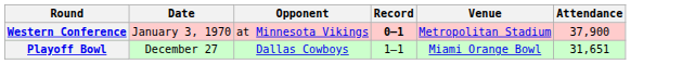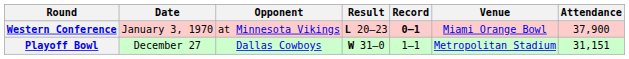 <table class="wikitable" style="text-align:center">
 <tr>
 <th>Round</th>
 <th>Date</th>
 <th>Opponent</th>
+<th>Result</th>
 <th>Record</th>
 <th>Venue</th>
 <th>Attendance</th>
 </tr>
 <tr style="background:#fcc">
 <th><a href='#'>Western Conference</a></th>
 <td>January 3, 1970</td>
 <td>at <a href='#'>Minnesota Vikings</a></td>
+<td><strong>L</strong> 20–23</td>
 <td><strong>0–1</strong></td>
-<td><a href='#'>Metropolitan Stadium</a></td>
+<td><a href='#'>Miami Orange Bowl</a></td>
 <td>37,900</td>
 </tr>
 <tr style="background:#cfc">
 <th><a href='#'>Playoff Bowl</a></th>
 <td>December 27</td>
 <td><a href='#'>Dallas Cowboys</a></td>
+<td><strong>W</strong> 31–0</td>
 <td>1–1</td>
-<td><a href='#'>Miami Orange Bowl</a></td>
-<td>31,651</td>
+<td><a href='#'>Metropolitan Stadium</a></td>
+<td>31,151</td>
 </tr>
 </table>
